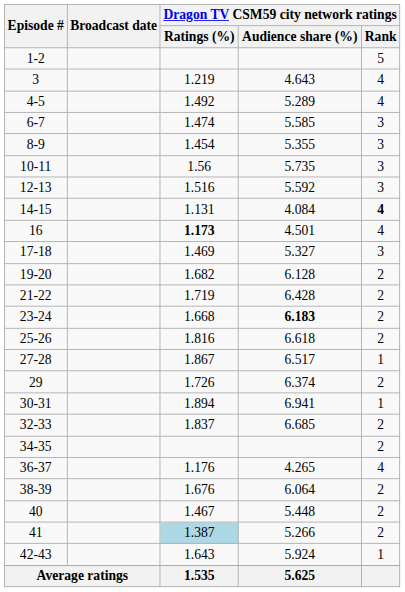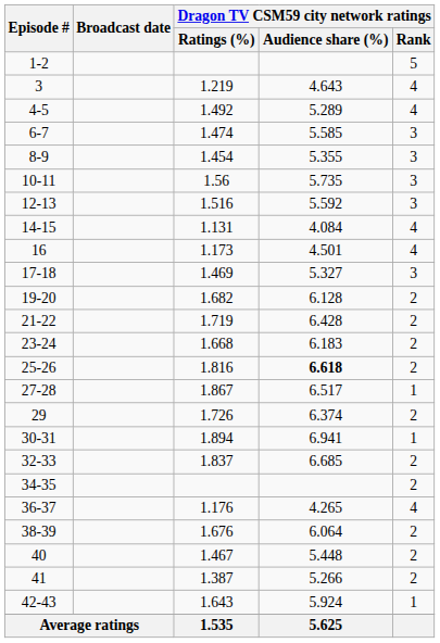 <table class="wikitable sortable mw-collapsible jquery-tablesorter" style="text-align:center">
 <tr>
 <th rowspan="2"><strong>Episode #</strong></th>
 <th rowspan="2"><strong>Broadcast date</strong></th>
 <th colspan="3"><a href='#'>Dragon TV</a> CSM59 city network ratings </th>
 </tr>
 <tr>
 <th><strong>Ratings (%)</strong></th>
 <th><strong>Audience share (%)</strong></th>
 <th><strong>Rank</strong></th>
 </tr>
 <tr>
 <td>1-2</td>
 <td></td>
 <td></td>
 <td></td>
 <td>5</td>
 </tr>
 <tr>
 <td>3</td>
 <td></td>
 <td>1.219</td>
 <td>4.643</td>
 <td>4</td>
 </tr>
 <tr>
 <td>4-5</td>
 <td></td>
 <td>1.492</td>
 <td>5.289</td>
 <td>4</td>
 </tr>
 <tr>
 <td>6-7</td>
 <td></td>
 <td>1.474</td>
 <td>5.585</td>
 <td>3</td>
 </tr>
 <tr>
 <td>8-9</td>
 <td></td>
 <td>1.454</td>
 <td>5.355</td>
 <td>3</td>
 </tr>
 <tr>
 <td>10-11</td>
 <td></td>
 <td>1.56</td>
 <td>5.735</td>
 <td>3</td>
 </tr>
 <tr>
 <td>12-13</td>
 <td></td>
 <td>1.516</td>
 <td>5.592</td>
 <td>3</td>
 </tr>
 <tr>
 <td>14-15</td>
 <td></td>
 <td>1.131</td>
 <td>4.084</td>
-<td><strong>4</strong></td>
+<td>4</td>
 </tr>
 <tr>
 <td>16</td>
 <td></td>
-<td><strong>1.173</strong></td>
+<td>1.173</td>
 <td>4.501</td>
 <td>4</td>
 </tr>
 <tr>
 <td>17-18</td>
 <td></td>
 <td>1.469</td>
 <td>5.327</td>
 <td>3</td>
 </tr>
 <tr>
 <td>19-20</td>
 <td></td>
 <td>1.682</td>
 <td>6.128</td>
 <td>2</td>
 </tr>
 <tr>
 <td>21-22</td>
 <td></td>
 <td>1.719</td>
 <td>6.428</td>
 <td>2</td>
 </tr>
 <tr>
 <td>23-24</td>
 <td></td>
 <td>1.668</td>
-<td><strong>6.183</strong></td>
+<td>6.183</td>
 <td>2</td>
 </tr>
 <tr>
 <td>25-26</td>
 <td></td>
 <td>1.816</td>
-<td>6.618</td>
+<td><strong>6.618</strong></td>
 <td>2</td>
 </tr>
 <tr>
 <td>27-28</td>
 <td></td>
 <td>1.867</td>
 <td>6.517</td>
 <td>1</td>
 </tr>
 <tr>
 <td>29</td>
 <td></td>
 <td>1.726</td>
 <td>6.374</td>
 <td>2</td>
 </tr>
 <tr>
 <td>30-31</td>
 <td></td>
 <td>1.894</td>
 <td>6.941</td>
 <td>1</td>
 </tr>
 <tr>
 <td>32-33</td>
 <td></td>
 <td>1.837</td>
 <td>6.685</td>
 <td>2</td>
 </tr>
 <tr>
 <td>34-35</td>
 <td></td>
 <td></td>
 <td></td>
 <td>2</td>
 </tr>
 <tr>
 <td>36-37</td>
 <td></td>
 <td>1.176</td>
 <td>4.265</td>
 <td>4</td>
 </tr>
 <tr>
 <td>38-39</td>
 <td></td>
 <td>1.676</td>
 <td>6.064</td>
 <td>2</td>
 </tr>
 <tr>
 <td>40</td>
 <td></td>
 <td>1.467</td>
 <td>5.448</td>
 <td>2</td>
 </tr>
 <tr>
 <td>41</td>
 <td></td>
-<td style="background: lightblue;">1.387</td>
+<td>1.387</td>
 <td>5.266</td>
 <td>2</td>
 </tr>
 <tr>
 <td>42-43</td>
 <td></td>
 <td>1.643</td>
 <td>5.924</td>
 <td>1</td>
 </tr>
 <tr>
 </tr>
 <tr>
 <th colspan="2">Average ratings</th>
 <th>1.535</th>
 <th>5.625</th>
 <th></th>
 </tr>
 </table>
